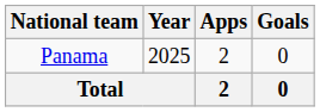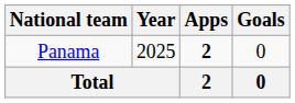 <table class="wikitable" style="text-align:center">
 <tr>
 <th>National team</th>
 <th>Year</th>
 <th>Apps</th>
 <th>Goals</th>
 </tr>
 <tr>
 <td rowspan="1"><a href='#'>Panama</a></td>
 <td>2025</td>
-<td>2</td>
+<td><strong>2</strong></td>
 <td>0</td>
 </tr>
 <tr>
 <th colspan="2">Total</th>
 <th>2</th>
 <th>0</th>
 </tr>
 </table>
